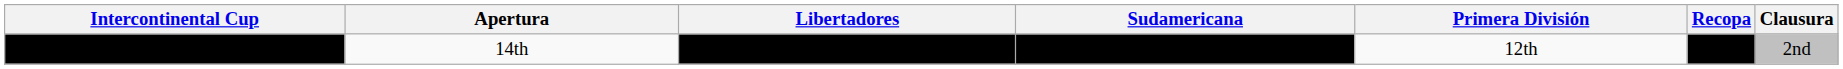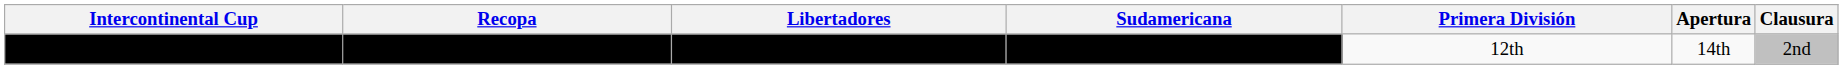 <table class="wikitable">
 <tr>
 <th width= 20%><a href='#'>Intercontinental Cup</a></th>
-<th width= 20%>Apertura</th>
+<th width= 20%><a href='#'>Recopa</a></th>
 <th width= 20%><a href='#'>Libertadores</a></th>
 <th width= 20%><a href='#'>Sudamericana</a></th>
 <th width= 20%><a href='#'>Primera División</a></th>
-<th width= 20%><a href='#'>Recopa</a></th>
+<th width= 20%>Apertura</th>
 <th width= 20%>Clausura</th>
 </tr>
 <tr align="center">
 <td bgcolor = "#000000"></td>
-<td>14th</td>
+<td bgcolor = "#000000"></td>
 <td bgcolor = "#000000"></td>
 <td bgcolor = "#000000"></td>
 <td>12th</td>
-<td bgcolor = "#000000"></td>
+<td>14th</td>
 <td bgcolor="silver">2nd</td>
 </tr>
 </table>
